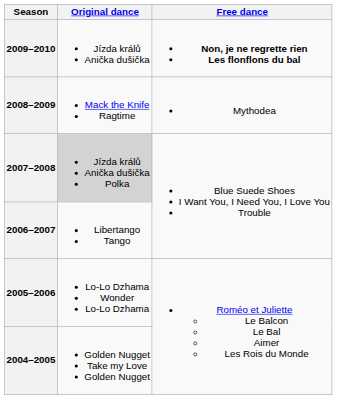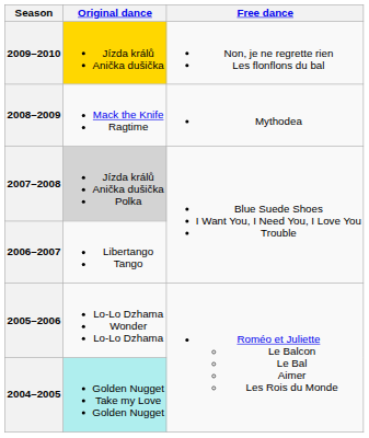 <table class="wikitable" style="text-align:center">
 <tr>
 <th>Season</th>
 <th><a href='#'>Original dance</a></th>
 <th><a href='#'>Free dance</a></th>
 </tr>
 <tr>
 <th>2009–2010 <br> </th>
-<td><br><ul><li>Jízda králů</li><li>Anička dušička</li></ul></td>
-<td><strong><br><ul><li>Non, je ne regrette rien</li><li>Les flonflons du bal <br></li></ul></strong></td>
+<td style="background: gold;"><br><ul><li>Jízda králů</li><li>Anička dušička</li></ul></td>
+<td><br><ul><li>Non, je ne regrette rien</li><li>Les flonflons du bal <br></li></ul></td>
 </tr>
 <tr>
 <th>2008–2009 <br> </th>
 <td><br><ul><li><a href='#'>Mack the Knife</a> <br></li><li>Ragtime <br></li></ul></td>
 <td><br><ul><li>Mythodea <br></li></ul></td>
 </tr>
 <tr>
 <th>2007–2008 <br> </th>
 <td style="background: lightgrey;"><br><ul><li>Jízda králů</li><li>Anička dušička</li><li>Polka</li></ul></td>
 <td rowspan=2><br><ul><li>Blue Suede Shoes <br></li><li>I Want You, I Need You, I Love You <br></li><li>Trouble <br></li></ul></td>
 </tr>
 <tr>
 <th>2006–2007 <br> </th>
 <td><br><ul><li>Libertango <br></li><li>Tango <br></li></ul></td>
 </tr>
 <tr>
 <th>2005–2006 <br> </th>
 <td><br><ul><li> Lo-Lo Dzhama <br></li><li> Wonder <br></li><li> Lo-Lo Dzhama <br></li></ul></td>
 <td rowspan=2><br><ul><li><a href='#'>Roméo et Juliette</a> <br><ul><li>Le Balcon</li><li>Le Bal</li><li>Aimer</li><li>Les Rois du Monde</li></ul></li></ul></td>
 </tr>
 <tr>
 <th>2004–2005 <br> </th>
-<td><br><ul><li> Golden Nugget</li><li> Take my Love</li><li> Golden Nugget</li></ul></td>
+<td style="background: paleturquoise;"><br><ul><li> Golden Nugget</li><li> Take my Love</li><li> Golden Nugget</li></ul></td>
 </tr>
 </table>
